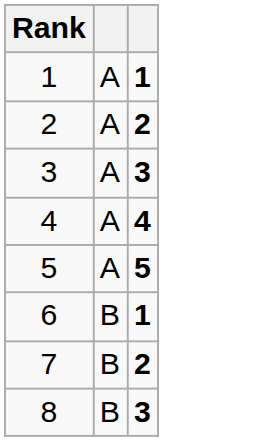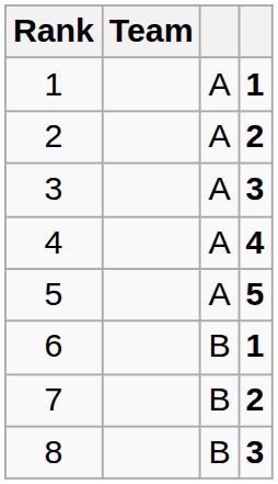 <table class="wikitable" style="text-align:center;">
 <tr>
 <th>Rank</th>
+<th>Team</th>
 <th></th>
 <th></th>
 </tr>
 <tr>
 <td>1</td>
+<td align=left></td>
 <td>A</td>
 <td><strong>1</strong></td>
 </tr>
 <tr>
 <td>2</td>
+<td align=left></td>
 <td>A</td>
 <td><strong>2</strong></td>
 </tr>
 <tr>
 <td>3</td>
+<td align=left></td>
 <td>A</td>
 <td><strong>3</strong></td>
 </tr>
 <tr>
 <td>4</td>
+<td align=left></td>
 <td>A</td>
 <td><strong>4</strong></td>
 </tr>
 <tr>
 <td>5</td>
+<td align=left></td>
 <td>A</td>
 <td><strong>5</strong></td>
 </tr>
 <tr>
 <td>6</td>
+<td align=left></td>
 <td>B</td>
 <td><strong>1</strong></td>
 </tr>
 <tr>
 <td>7</td>
+<td align=left></td>
 <td>B</td>
 <td><strong>2</strong></td>
 </tr>
 <tr>
 <td>8</td>
+<td align=left></td>
 <td>B</td>
 <td><strong>3</strong></td>
 </tr>
 </table>
